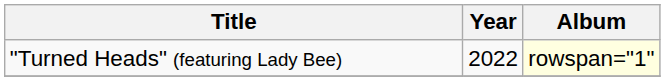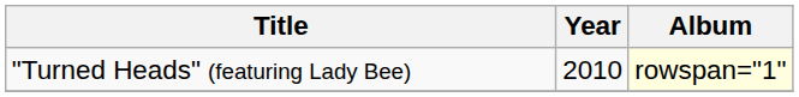 <table class="wikitable plainrowheaders" style="text-align:left;">
 <tr>
 <th style="width:20em;">Title</th>
 <th>Year</th>
 <th>Album</th>
 </tr>
 <tr>
 <td>"Turned Heads" <small>(featuring Lady Bee)</small></td>
-<td rowspan="1">2022</td>
+<td rowspan="1">2010</td>
 <td style="background: lightyellow;">rowspan="1" </td>
 </tr>
 <tr>
 </tr>
 </table>
